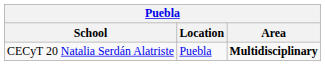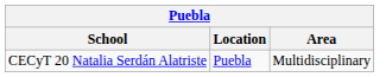 <table class="wikitable">
 <tr>
 <th colspan="3"><a href='#'>Puebla</a></th>
 </tr>
 <tr>
 <th>School</th>
 <th>Location</th>
 <th>Area</th>
 </tr>
 <tr>
 <td>CECyT 20 <a href='#'>Natalia Serdán Alatriste</a></td>
 <td><a href='#'>Puebla</a></td>
-<td><strong>Multidisciplinary</strong></td>
+<td>Multidisciplinary</td>
 </tr>
 </table>
